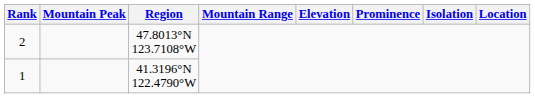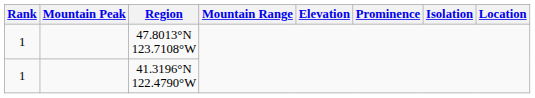 <table class="wikitable sortable">
 <tr>
 <th><a href='#'>Rank</a></th>
 <th><a href='#'>Mountain Peak</a></th>
 <th><a href='#'>Region</a></th>
 <th><a href='#'>Mountain Range</a></th>
 <th><a href='#'>Elevation</a></th>
 <th><a href='#'>Prominence</a></th>
 <th><a href='#'>Isolation</a></th>
 <th><a href='#'>Location</a></th>
 </tr>
 <tr>
-<td align=center>2<br></td>
+<td align=center>1<br></td>
 <td><br> </td>
 <td align=center>47.8013°N<br>123.7108°W</td>
 </tr>
 <tr>
 <td align=center>1<br></td>
 <td><br> </td>
 <td align=center>41.3196°N<br>122.4790°W</td>
 </tr>
 </table>
